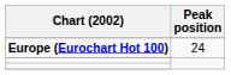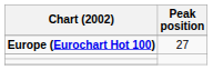 <table class="wikitable sortable plainrowheaders" style="text-align:center">
 <tr>
 <th scope="col">Chart (2002)</th>
 <th scope="col">Peak<br>position</th>
 </tr>
 <tr>
 </tr>
 <tr>
 <td style="background:#col;"!scope="row"><strong>Europe (<a href='#'>Eurochart Hot 100</a>)</strong></td>
-<td>24</td>
+<td>27</td>
 </tr>
 <tr>
 </tr>
 <tr>
 </tr>
 <tr>
 <td></td>
 </tr>
 <tr>
 <td></td>
 </tr>
 <tr>
 </tr>
 <tr>
 </tr>
 </table>
